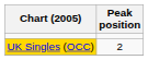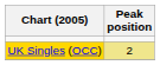 <table class="wikitable sortable">
 <tr>
 <th>Chart (2005)</th>
 <th>Peak<br>position</th>
 </tr>
 <tr>
 <td></td>
 </tr>
 <tr>
 <td style="background: gold;"><a href='#'>UK Singles</a> (<a href='#'>OCC</a>)</td>
-<td style="text-align:center;">2</td>
+<td style="background: khaki; text-align:center;">2</td>
 </tr>
 <tr>
 </tr>
 </table>
